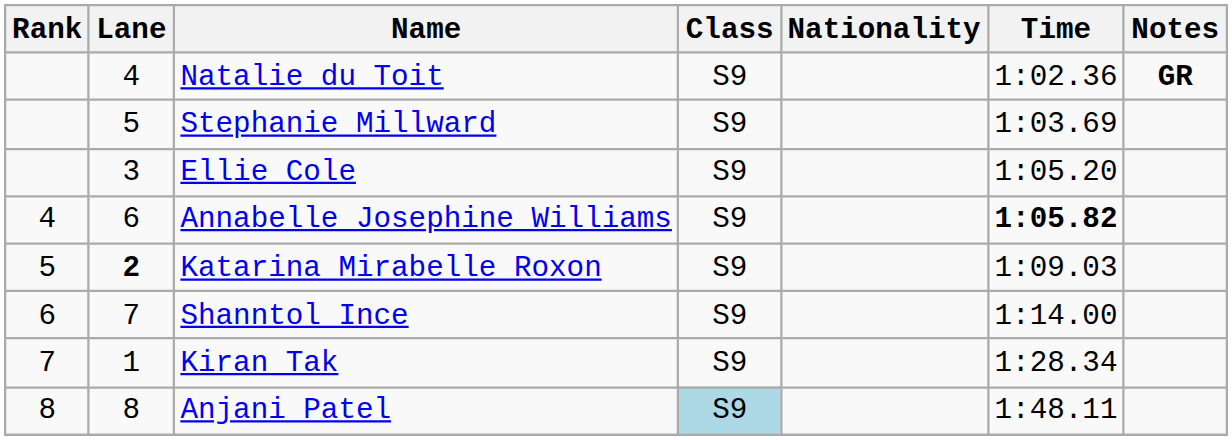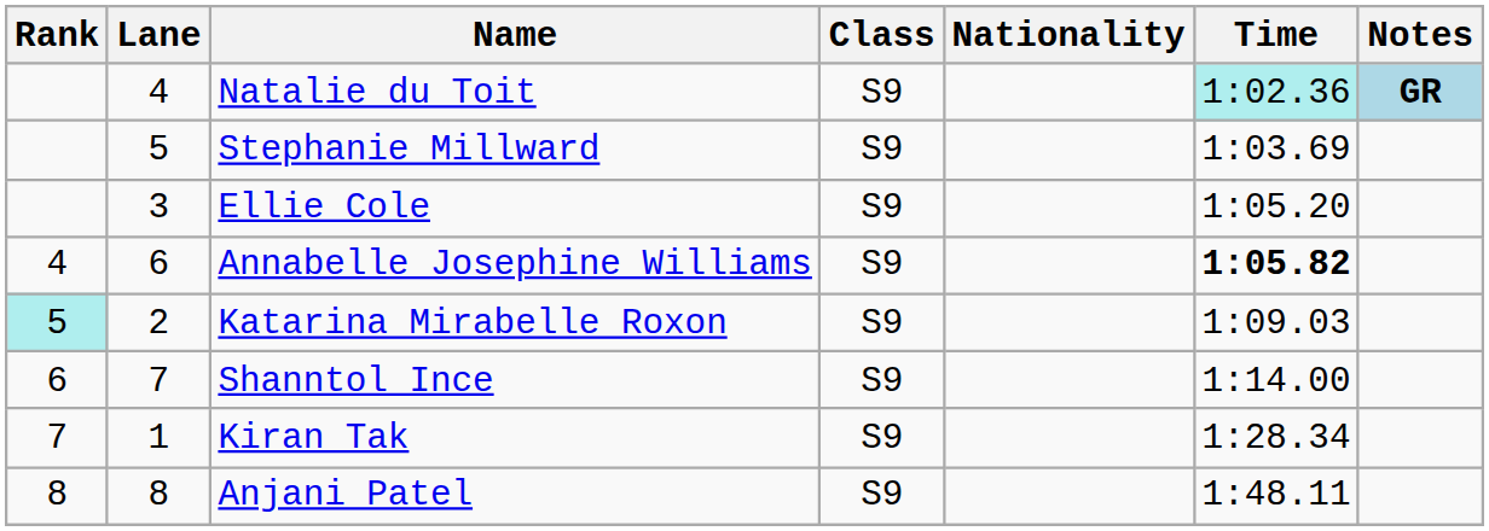 <table class="wikitable sortable" style="text-align:center">
 <tr>
 <th>Rank</th>
 <th>Lane</th>
 <th>Name</th>
 <th>Class</th>
 <th>Nationality</th>
 <th>Time</th>
 <th>Notes</th>
 </tr>
 <tr>
 <td></td>
 <td>4</td>
 <td align=left><a href='#'>Natalie du Toit</a></td>
 <td>S9</td>
 <td align=left></td>
-<td>1:02.36</td>
-<td><strong>GR</strong></td>
+<td style="background: paleturquoise;">1:02.36</td>
+<td style="background: lightblue;"><strong>GR</strong></td>
 </tr>
 <tr>
 <td></td>
 <td>5</td>
 <td align=left><a href='#'>Stephanie Millward</a></td>
 <td>S9</td>
 <td align=left></td>
 <td>1:03.69</td>
 <td></td>
 </tr>
 <tr>
 <td></td>
 <td>3</td>
 <td align=left><a href='#'>Ellie Cole</a></td>
 <td>S9</td>
 <td align=left></td>
 <td>1:05.20</td>
 <td></td>
 </tr>
 <tr>
 <td>4</td>
 <td>6</td>
 <td align=left><a href='#'>Annabelle Josephine Williams</a></td>
 <td>S9</td>
 <td align=left></td>
 <td><strong>1:05.82</strong></td>
 <td></td>
 </tr>
 <tr>
-<td>5</td>
-<td><strong>2</strong></td>
+<td style="background: paleturquoise;">5</td>
+<td>2</td>
 <td align=left><a href='#'>Katarina Mirabelle Roxon</a></td>
 <td>S9</td>
 <td align=left></td>
 <td>1:09.03</td>
 <td></td>
 </tr>
 <tr>
 <td>6</td>
 <td>7</td>
 <td align=left><a href='#'>Shanntol Ince</a></td>
 <td>S9</td>
 <td align=left></td>
 <td>1:14.00</td>
 <td></td>
 </tr>
 <tr>
 <td>7</td>
 <td>1</td>
 <td align=left><a href='#'>Kiran Tak</a></td>
 <td>S9</td>
 <td align=left></td>
 <td>1:28.34</td>
 <td></td>
 </tr>
 <tr>
 <td>8</td>
 <td>8</td>
 <td align=left><a href='#'>Anjani Patel</a></td>
-<td style="background: lightblue;">S9</td>
+<td>S9</td>
 <td align=left></td>
 <td>1:48.11</td>
 <td></td>
 </tr>
 <tr>
 </tr>
 </table>
